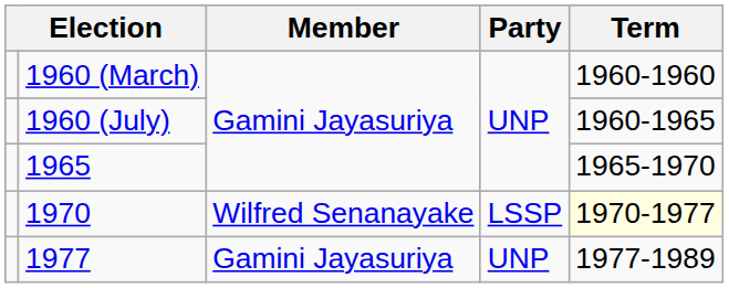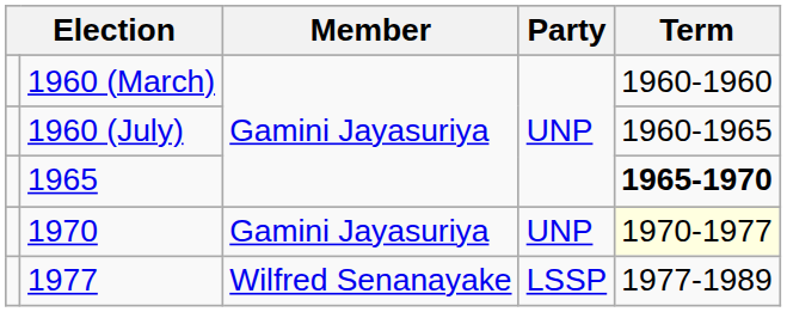 <table class="wikitable">
 <tr>
 <th colspan="2">Election</th>
 <th>Member</th>
 <th>Party</th>
 <th>Term</th>
 </tr>
 <tr>
 <td style="background-color: "></td>
 <td><a href='#'>1960 (March)</a></td>
 <td rowspan=3><a href='#'>Gamini Jayasuriya</a></td>
 <td rowspan=3><a href='#'>UNP</a></td>
 <td>1960-1960</td>
 </tr>
 <tr>
 <td style="background-color: "></td>
 <td><a href='#'>1960 (July)</a></td>
 <td>1960-1965</td>
 </tr>
 <tr>
 <td style="background-color: "></td>
 <td><a href='#'>1965</a></td>
-<td>1965-1970</td>
+<td><strong>1965-1970</strong></td>
 </tr>
 <tr>
 <td style="background-color: "></td>
 <td><a href='#'>1970</a></td>
-<td><a href='#'>Wilfred Senanayake</a></td>
-<td><a href='#'>LSSP</a></td>
+<td><a href='#'>Gamini Jayasuriya</a></td>
+<td><a href='#'>UNP</a></td>
 <td style="background: lightyellow;">1970-1977</td>
 </tr>
 <tr>
 <td style="background-color: "></td>
 <td><a href='#'>1977</a></td>
-<td><a href='#'>Gamini Jayasuriya</a></td>
-<td><a href='#'>UNP</a></td>
+<td><a href='#'>Wilfred Senanayake</a></td>
+<td><a href='#'>LSSP</a></td>
 <td>1977-1989</td>
 </tr>
 </table>
